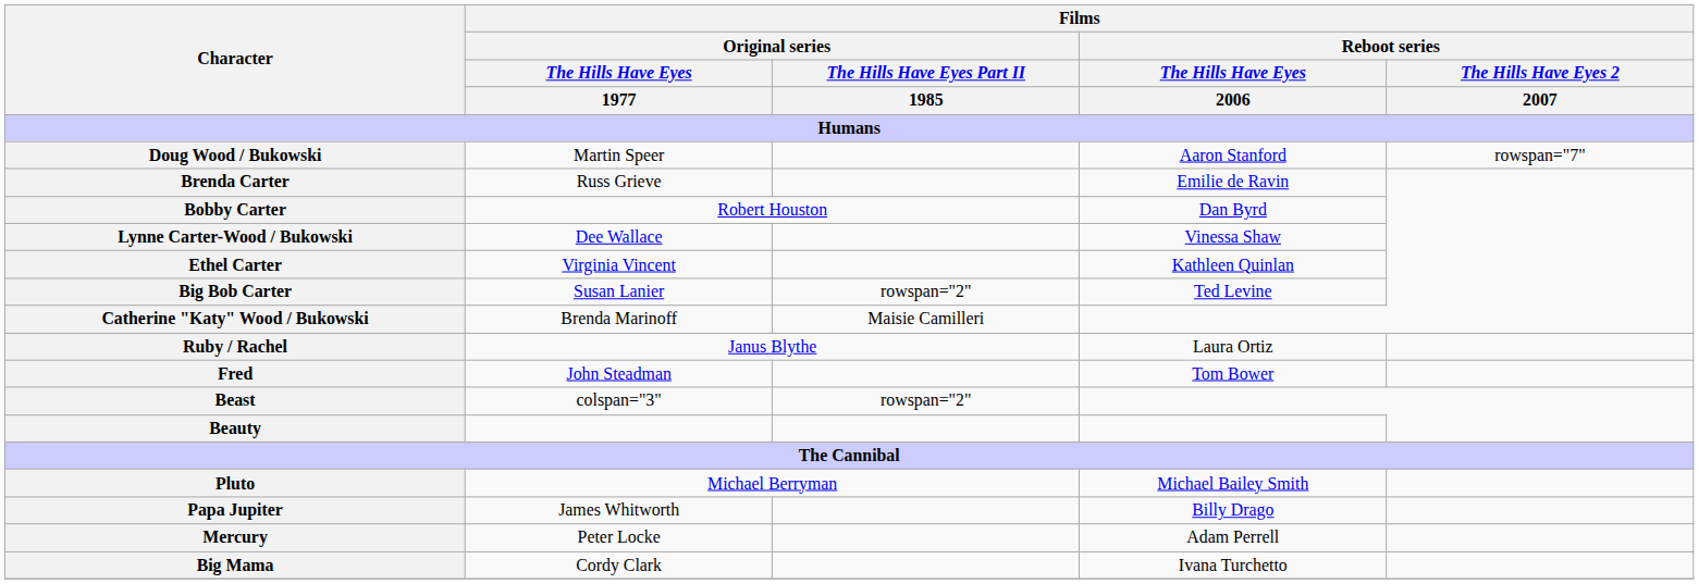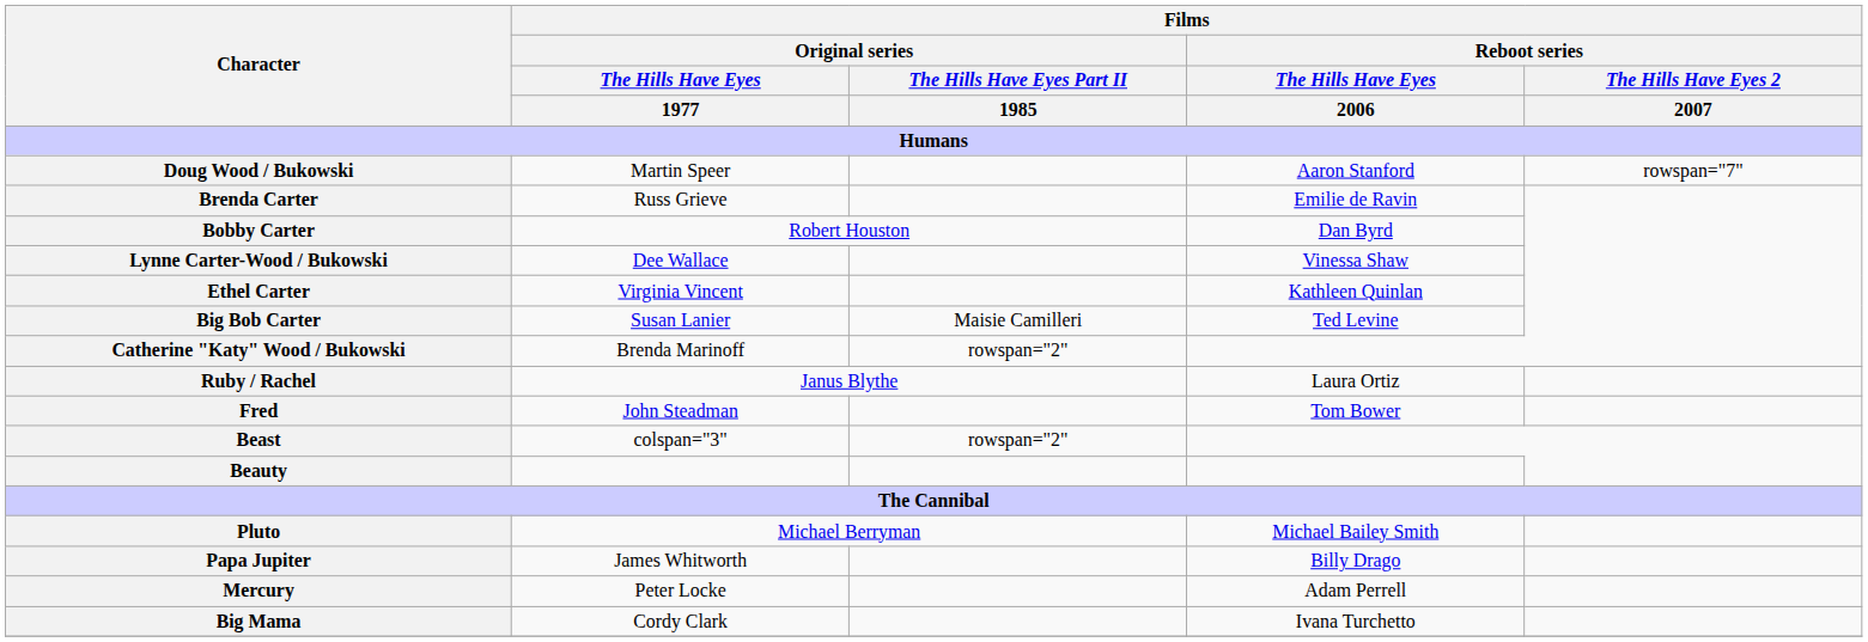 <table class="wikitable" style="text-align:center; width:99%;">
 <tr>
 <th rowspan="4" style="width:15%;">Character</th>
 <th colspan="4">Films</th>
 </tr>
 <tr>
 <th colspan="2" style="text-align:center;">  Original series</th>
 <th colspan="2" style="text-align:center;">  Reboot series</th>
 </tr>
 <tr>
 <th style="width:10%;"><em><a href='#'>The Hills Have Eyes</a></em></th>
 <th style="width:10%;"><em><a href='#'>The Hills Have Eyes Part II</a></em></th>
 <th style="width:10%;"><em><a href='#'>The Hills Have Eyes</a></em></th>
 <th style="width:10%;"><em><a href='#'>The Hills Have Eyes 2</a></em></th>
 </tr>
 <tr>
 <th>1977</th>
 <th>1985</th>
 <th>2006</th>
 <th>2007</th>
 </tr>
 <tr>
 <th colspan="5" style="background-color:#ccccff;">Humans</th>
 </tr>
 <tr>
 <th>Doug Wood / Bukowski</th>
 <td>Martin Speer</td>
 <td></td>
 <td><a href='#'>Aaron Stanford</a></td>
 <td>rowspan="7"</td>
 </tr>
 <tr>
 <th>Brenda Carter</th>
 <td>Russ Grieve</td>
 <td></td>
 <td><a href='#'>Emilie de Ravin</a></td>
 </tr>
 <tr>
 <th>Bobby Carter</th>
 <td colspan="2"><a href='#'>Robert Houston</a></td>
 <td><a href='#'>Dan Byrd</a></td>
 </tr>
 <tr>
 <th>Lynne Carter-Wood / Bukowski</th>
 <td><a href='#'>Dee Wallace</a></td>
 <td></td>
 <td><a href='#'>Vinessa Shaw</a></td>
 </tr>
 <tr>
 <th>Ethel Carter</th>
 <td><a href='#'>Virginia Vincent</a></td>
 <td></td>
 <td><a href='#'>Kathleen Quinlan</a></td>
 </tr>
 <tr>
 <th>Big Bob Carter</th>
 <td><a href='#'>Susan Lanier</a></td>
-<td>rowspan="2" </td>
+<td>Maisie Camilleri</td>
 <td><a href='#'>Ted Levine</a></td>
 </tr>
 <tr>
 <th>Catherine "Katy" Wood / Bukowski</th>
 <td>Brenda Marinoff</td>
-<td>Maisie Camilleri</td>
+<td>rowspan="2" </td>
 </tr>
 <tr>
 <th>Ruby / Rachel</th>
 <td colspan="2"><a href='#'>Janus Blythe</a></td>
 <td>Laura Ortiz</td>
 <td></td>
 </tr>
 <tr>
 <th>Fred</th>
 <td><a href='#'>John Steadman</a></td>
 <td></td>
 <td><a href='#'>Tom Bower</a></td>
 <td></td>
 </tr>
 <tr>
 <th>Beast</th>
 <td>colspan="3" </td>
 <td>rowspan="2" </td>
 </tr>
 <tr>
 <th>Beauty</th>
 <td></td>
 <td></td>
 <td></td>
 </tr>
 <tr>
 <th colspan="5" style="background-color:#ccccff;">The Cannibal</th>
 </tr>
 <tr>
 <th>Pluto</th>
 <td colspan="2"><a href='#'>Michael Berryman</a></td>
 <td><a href='#'>Michael Bailey Smith</a></td>
 <td></td>
 </tr>
 <tr>
 <th>Papa Jupiter</th>
 <td>James Whitworth</td>
 <td></td>
 <td><a href='#'>Billy Drago</a></td>
 <td></td>
 </tr>
 <tr>
 <th>Mercury</th>
 <td>Peter Locke</td>
 <td></td>
 <td>Adam Perrell</td>
 <td></td>
 </tr>
 <tr>
 <th>Big Mama</th>
 <td>Cordy Clark</td>
 <td></td>
 <td>Ivana Turchetto</td>
 <td></td>
 </tr>
 <tr>
 </tr>
 </table>
